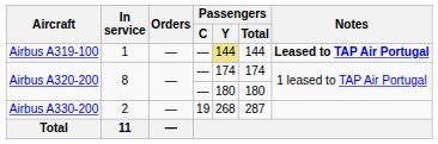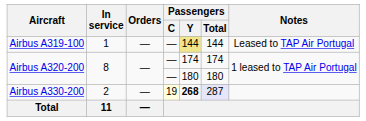 <table class="wikitable" style="margin:0.5em auto; text-align:center">
 <tr>
 <th rowspan=2>Aircraft</th>
 <th rowspan=2>In<br>service</th>
 <th rowspan=2>Orders</th>
 <th colspan=3>Passengers</th>
 <th rowspan=2>Notes</th>
 </tr>
 <tr>
 <th><abbr>C</abbr></th>
 <th><abbr>Y</abbr></th>
 <th>Total</th>
 </tr>
 <tr>
 <td><a href='#'>Airbus A319-100</a></td>
 <td>1</td>
 <td>—</td>
 <td>—</td>
 <td style="background: khaki;">144</td>
 <td>144</td>
-<td><strong>Leased to <a href='#'>TAP Air Portugal</a></strong></td>
+<td>Leased to <a href='#'>TAP Air Portugal</a></td>
 </tr>
 <tr>
 <td rowspan=2><a href='#'>Airbus A320-200</a></td>
 <td rowspan=2>8</td>
 <td rowspan=2>—</td>
 <td>—</td>
 <td>174</td>
 <td>174</td>
 <td rowspan=2>1 leased to <a href='#'>TAP Air Portugal</a></td>
 </tr>
 <tr>
 <td>—</td>
 <td>180</td>
 <td>180</td>
 </tr>
 <tr>
 <td><a href='#'>Airbus A330-200</a></td>
 <td>2</td>
 <td>—</td>
-<td>19</td>
-<td>268</td>
-<td>287</td>
+<td style="background: lightyellow;">19</td>
+<td><strong>268</strong></td>
+<td style="background: lavender;">287</td>
 <td></td>
 </tr>
 <tr>
 <th>Total</th>
 <th>11</th>
 <th>—</th>
 <th colspan=5></th>
 </tr>
 </table>
